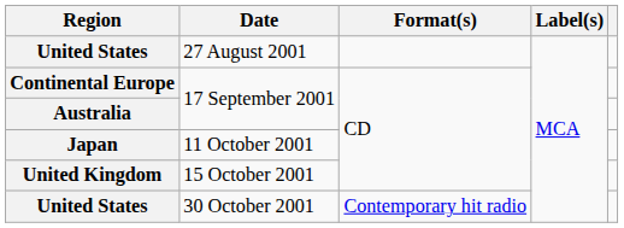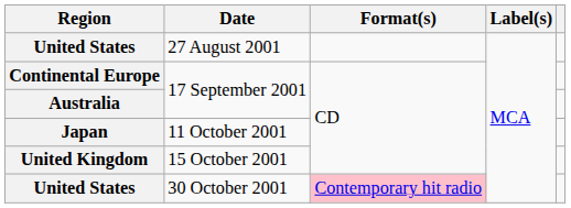 <table class="wikitable plainrowheaders">
 <tr>
 <th scope="col">Region</th>
 <th scope="col">Date</th>
 <th scope="col">Format(s)</th>
 <th scope="col">Label(s)</th>
 <th scope="col"></th>
 </tr>
 <tr>
 <th scope="row">United States</th>
 <td>27 August 2001</td>
 <td></td>
 <td rowspan="6"><a href='#'>MCA</a></td>
 <td></td>
 </tr>
 <tr>
 <th scope="row">Continental Europe</th>
 <td rowspan="2">17 September 2001</td>
 <td rowspan="4">CD</td>
 <td></td>
 </tr>
 <tr>
 <th scope="row">Australia</th>
 <td></td>
 </tr>
 <tr>
 <th scope="row">Japan</th>
 <td>11 October 2001</td>
 <td></td>
 </tr>
 <tr>
 <th scope="row">United Kingdom</th>
 <td>15 October 2001</td>
 <td></td>
 </tr>
 <tr>
 <th scope="row">United States</th>
 <td>30 October 2001</td>
-<td><a href='#'>Contemporary hit radio</a></td>
+<td style="background: pink;"><a href='#'>Contemporary hit radio</a></td>
 <td></td>
 </tr>
 </table>
